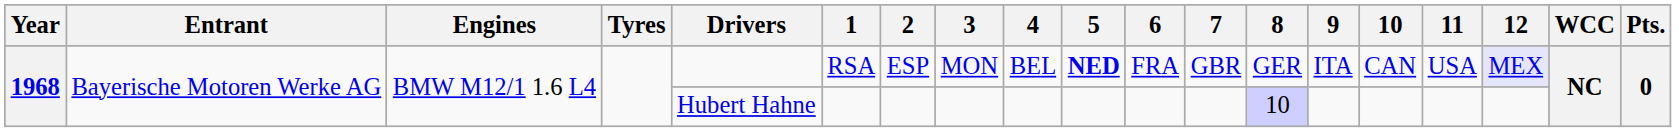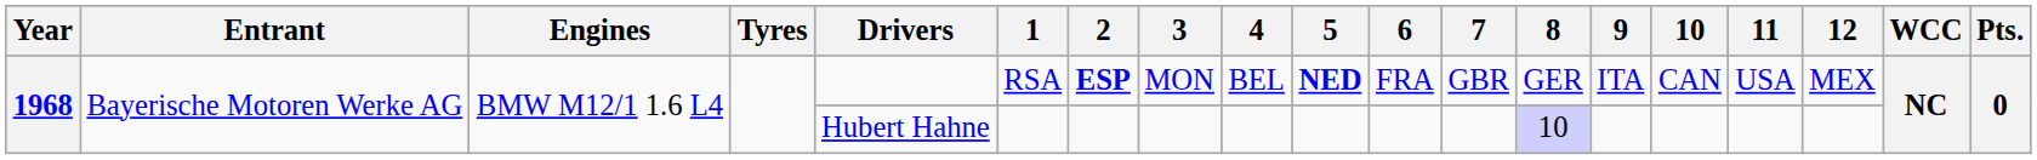 <table class="wikitable" style="font-size:90%; text-align:center">
 <tr>
 <th>Year</th>
 <th>Entrant</th>
 <th>Engines</th>
 <th>Tyres</th>
 <th>Drivers</th>
 <th>1</th>
 <th>2</th>
 <th>3</th>
 <th>4</th>
 <th>5</th>
 <th>6</th>
 <th>7</th>
 <th>8</th>
 <th>9</th>
 <th>10</th>
 <th>11</th>
 <th>12</th>
 <th>WCC</th>
 <th>Pts.</th>
 </tr>
 <tr>
 <th rowspan="2"><a href='#'>1968</a></th>
 <td rowspan="2"><a href='#'>Bayerische Motoren Werke AG</a></td>
 <td rowspan="2"><a href='#'>BMW M12/1</a> 1.6 <a href='#'>L4</a></td>
 <td rowspan="2"></td>
 <td></td>
 <td><a href='#'>RSA</a></td>
-<td><a href='#'>ESP</a></td>
+<td><strong><a href='#'>ESP</a></strong></td>
 <td><a href='#'>MON</a></td>
 <td><a href='#'>BEL</a></td>
 <td><strong><a href='#'>NED</a></strong></td>
 <td><a href='#'>FRA</a></td>
 <td><a href='#'>GBR</a></td>
 <td><a href='#'>GER</a></td>
 <td><a href='#'>ITA</a></td>
 <td><a href='#'>CAN</a></td>
 <td><a href='#'>USA</a></td>
-<td style="background: lavender;"><a href='#'>MEX</a></td>
+<td><a href='#'>MEX</a></td>
 <th rowspan="2">NC</th>
 <th rowspan="2">0</th>
 </tr>
 <tr>
 <td style="text-align:left"> <a href='#'>Hubert Hahne</a></td>
 <td></td>
 <td></td>
 <td></td>
 <td></td>
 <td></td>
 <td></td>
 <td></td>
 <td style="background:#cfcfff;">10</td>
 <td></td>
 <td></td>
 <td></td>
 <td></td>
 </tr>
 </table>
